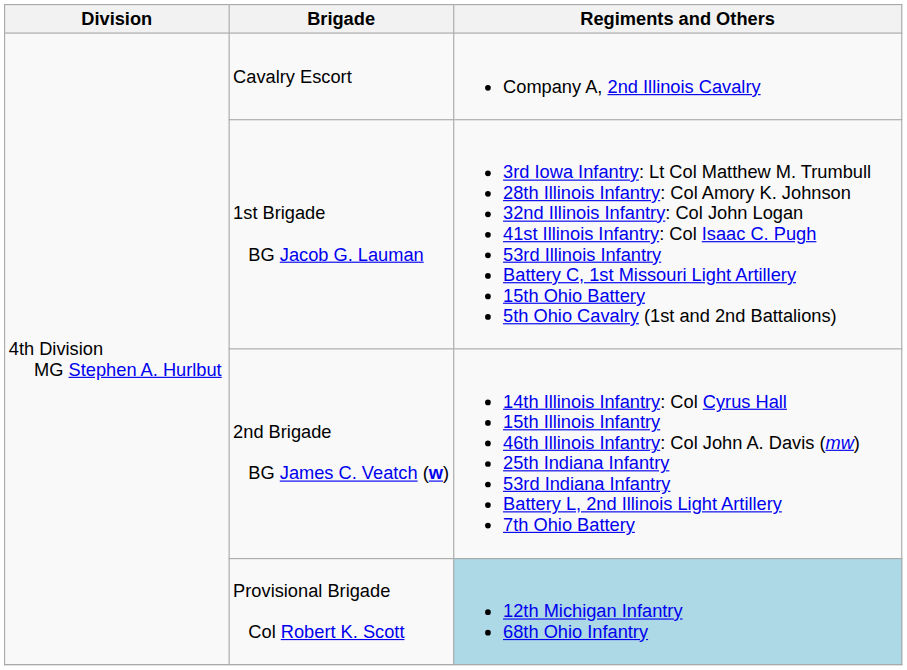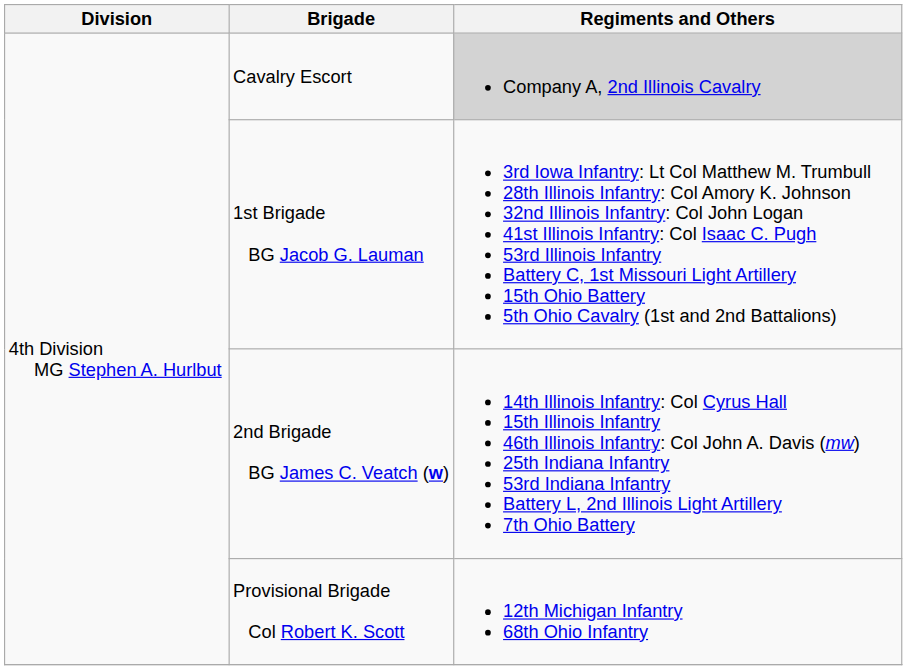 <table class="wikitable">
 <tr>
 <th width=25%>Division</th>
 <th width=25%>Brigade</th>
 <th>Regiments and Others</th>
 </tr>
 <tr>
 <td rowspan=4><br>4th Division <br>     MG <a href='#'>Stephen A. Hurlbut</a><br></td>
 <td>Cavalry Escort</td>
-<td><br><ul><li>Company A, <a href='#'>2nd Illinois Cavalry</a></li></ul></td>
+<td style="background: lightgrey;"><br><ul><li>Company A, <a href='#'>2nd Illinois Cavalry</a></li></ul></td>
 </tr>
 <tr>
 <td>1st Brigade<br><br>   BG <a href='#'>Jacob G. Lauman</a></td>
 <td><br><ul><li><a href='#'>3rd Iowa Infantry</a>: Lt Col Matthew M. Trumbull</li><li><a href='#'>28th Illinois Infantry</a>: Col Amory K. Johnson</li><li><a href='#'>32nd Illinois Infantry</a>: Col John Logan</li><li><a href='#'>41st Illinois Infantry</a>: Col <a href='#'>Isaac C. Pugh</a></li><li><a href='#'>53rd Illinois Infantry</a></li><li><a href='#'>Battery C, 1st Missouri Light Artillery</a></li><li><a href='#'>15th Ohio Battery</a></li><li><a href='#'>5th Ohio Cavalry</a> (1st and 2nd Battalions)</li></ul></td>
 </tr>
 <tr>
 <td>2nd Brigade<br><br>   BG <a href='#'>James C. Veatch</a> (<strong><a href='#'>w</a></strong>)</td>
 <td><br><ul><li><a href='#'>14th Illinois Infantry</a>: Col <a href='#'>Cyrus Hall</a></li><li><a href='#'>15th Illinois Infantry</a></li><li><a href='#'>46th Illinois Infantry</a>: Col John A. Davis (<em><a href='#'>mw</a></em>)</li><li><a href='#'>25th Indiana Infantry</a></li><li><a href='#'>53rd Indiana Infantry</a></li><li><a href='#'>Battery L, 2nd Illinois Light Artillery</a></li><li><a href='#'>7th Ohio Battery</a></li></ul></td>
 </tr>
 <tr>
 <td>Provisional Brigade<br><br>   Col <a href='#'>Robert K. Scott</a></td>
-<td style="background: lightblue;"><br><ul><li><a href='#'>12th Michigan Infantry</a></li><li><a href='#'>68th Ohio Infantry</a></li></ul></td>
+<td><br><ul><li><a href='#'>12th Michigan Infantry</a></li><li><a href='#'>68th Ohio Infantry</a></li></ul></td>
 </tr>
 <tr>
 </tr>
 </table>
